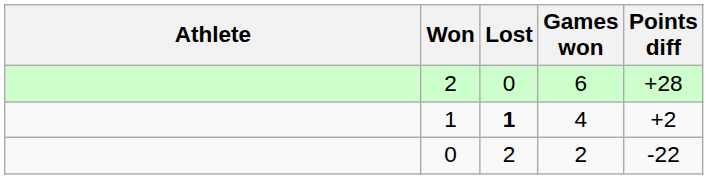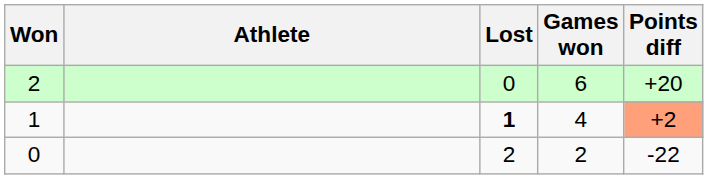 <table class="wikitable">
 <tr>
+<th>Won</th>
 <th style="width:18em">Athlete</th>
-<th>Won</th>
 <th>Lost</th>
 <th>Games<br>won</th>
 <th>Points<br>diff</th>
 </tr>
 <tr bgcolor="#ccffcc">
+<td align="center">2</td>
 <td></td>
-<td align="center">2</td>
 <td align="center">0</td>
 <td align="center">6</td>
-<td align="center">+28</td>
+<td align="center">+20</td>
 </tr>
 <tr>
+<td align="center">1</td>
 <td></td>
-<td align="center">1</td>
 <td align="center"><strong>1</strong></td>
 <td align="center">4</td>
-<td align="center">+2</td>
+<td align="center" style="background: lightsalmon;">+2</td>
 </tr>
 <tr>
+<td align="center">0</td>
 <td></td>
-<td align="center">0</td>
 <td align="center">2</td>
 <td align="center">2</td>
 <td align="center">-22</td>
 </tr>
 </table>
